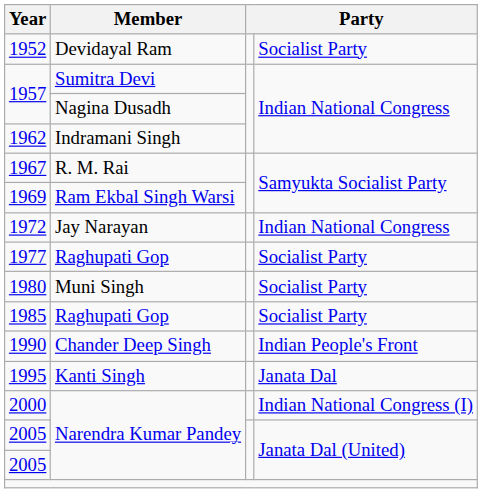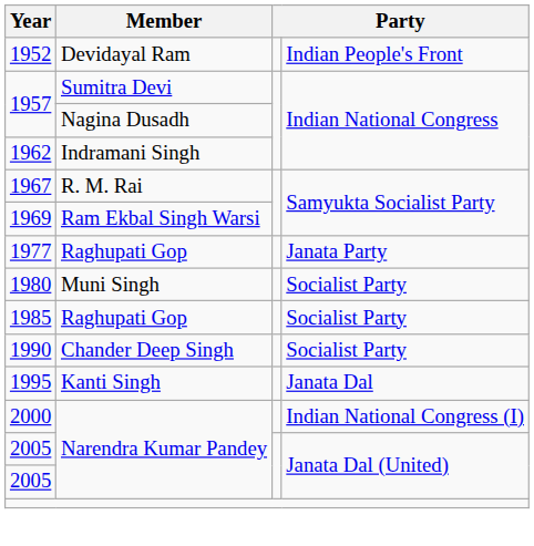 <table class="wikitable">
 <tr>
 <th>Year</th>
 <th>Member</th>
 <th colspan="2">Party</th>
 </tr>
 <tr>
 <td><a href='#'>1952</a></td>
 <td>Devidayal Ram</td>
 <td style="background-color: "></td>
-<td><a href='#'>Socialist Party</a></td>
+<td><a href='#'>Indian People's Front</a></td>
 </tr>
 <tr>
 <td rowspan="2"><a href='#'>1957</a></td>
 <td><a href='#'>Sumitra Devi</a></td>
 <td rowspan="3" style="background-color: "></td>
 <td rowspan="3"><a href='#'>Indian National Congress</a></td>
 </tr>
 <tr>
 <td>Nagina Dusadh</td>
 </tr>
 <tr>
 <td><a href='#'>1962</a></td>
 <td>Indramani Singh</td>
 </tr>
 <tr>
 <td><a href='#'>1967</a></td>
 <td>R. M. Rai</td>
 <td rowspan="2" style="background-color: "></td>
 <td rowspan="2"><a href='#'>Samyukta Socialist Party</a></td>
 </tr>
 <tr>
 <td><a href='#'>1969</a></td>
 <td><a href='#'>Ram Ekbal Singh Warsi</a></td>
 </tr>
 <tr>
-<td><a href='#'>1972</a></td>
-<td>Jay Narayan</td>
-<td style="background-color: "></td>
-<td><a href='#'>Indian National Congress</a></td>
-</tr>
-<tr>
 <td><a href='#'>1977</a></td>
 <td><a href='#'>Raghupati Gop</a></td>
 <td style="background-color: "></td>
-<td><a href='#'>Socialist Party</a></td>
+<td><a href='#'>Janata Party</a></td>
 </tr>
 <tr>
 <td><a href='#'>1980</a></td>
 <td>Muni Singh</td>
 <td style="background-color: "></td>
 <td><a href='#'>Socialist Party</a></td>
 </tr>
 <tr>
 <td><a href='#'>1985</a></td>
 <td><a href='#'>Raghupati Gop</a></td>
 <td style="background-color: "></td>
 <td><a href='#'>Socialist Party</a></td>
 </tr>
 <tr>
 <td><a href='#'>1990</a></td>
 <td><a href='#'>Chander Deep Singh</a></td>
 <td style="background-color: "></td>
-<td><a href='#'>Indian People's Front</a></td>
+<td><a href='#'>Socialist Party</a></td>
 </tr>
 <tr>
 <td><a href='#'>1995</a></td>
 <td><a href='#'>Kanti Singh</a></td>
 <td style="background-color: "></td>
 <td><a href='#'>Janata Dal</a></td>
 </tr>
 <tr>
 <td><a href='#'>2000</a></td>
 <td rowspan="3"><a href='#'>Narendra Kumar Pandey</a></td>
 <td style="background-color: "></td>
 <td><a href='#'>Indian National Congress (I)</a></td>
 </tr>
 <tr>
 <td><a href='#'>2005</a></td>
 <td rowspan="2" style="background-color: "></td>
 <td rowspan="2"><a href='#'>Janata Dal (United)</a></td>
 </tr>
 <tr>
 <td><a href='#'>2005</a></td>
 </tr>
 <tr>
 <td colspan="4"></td>
 </tr>
 </table>
